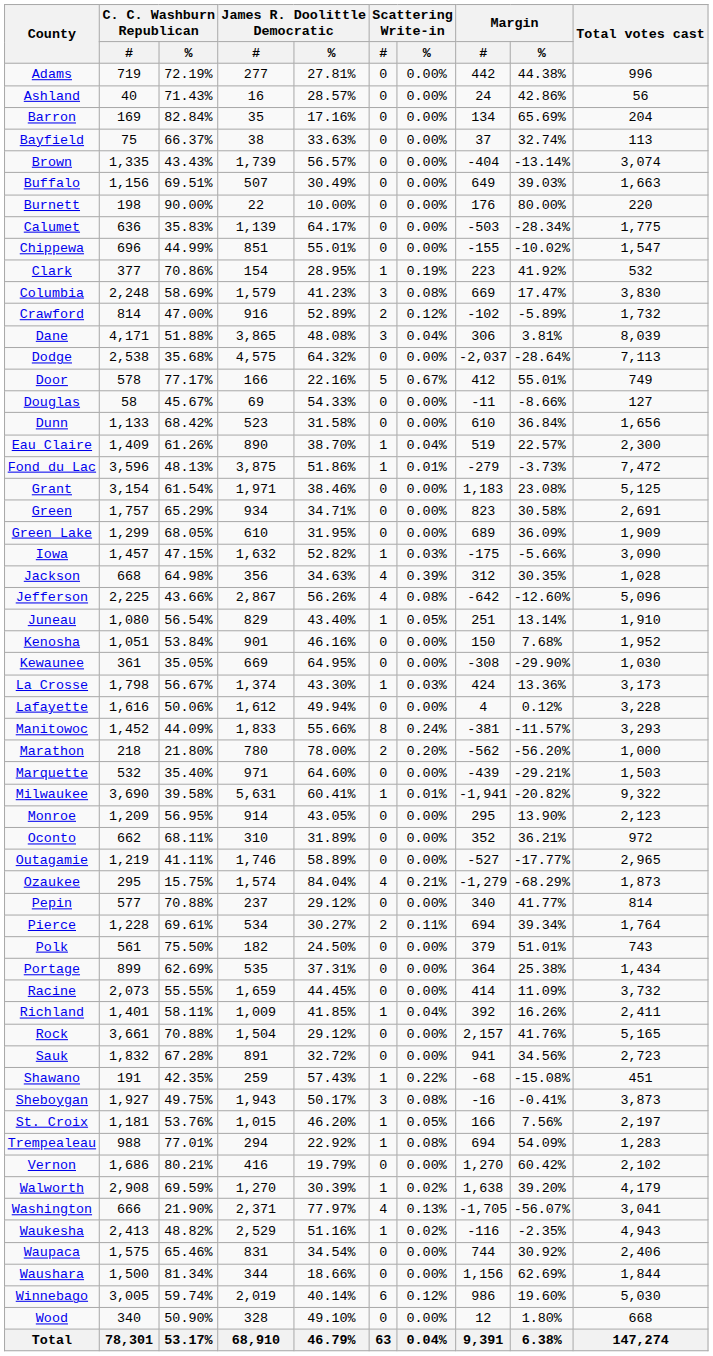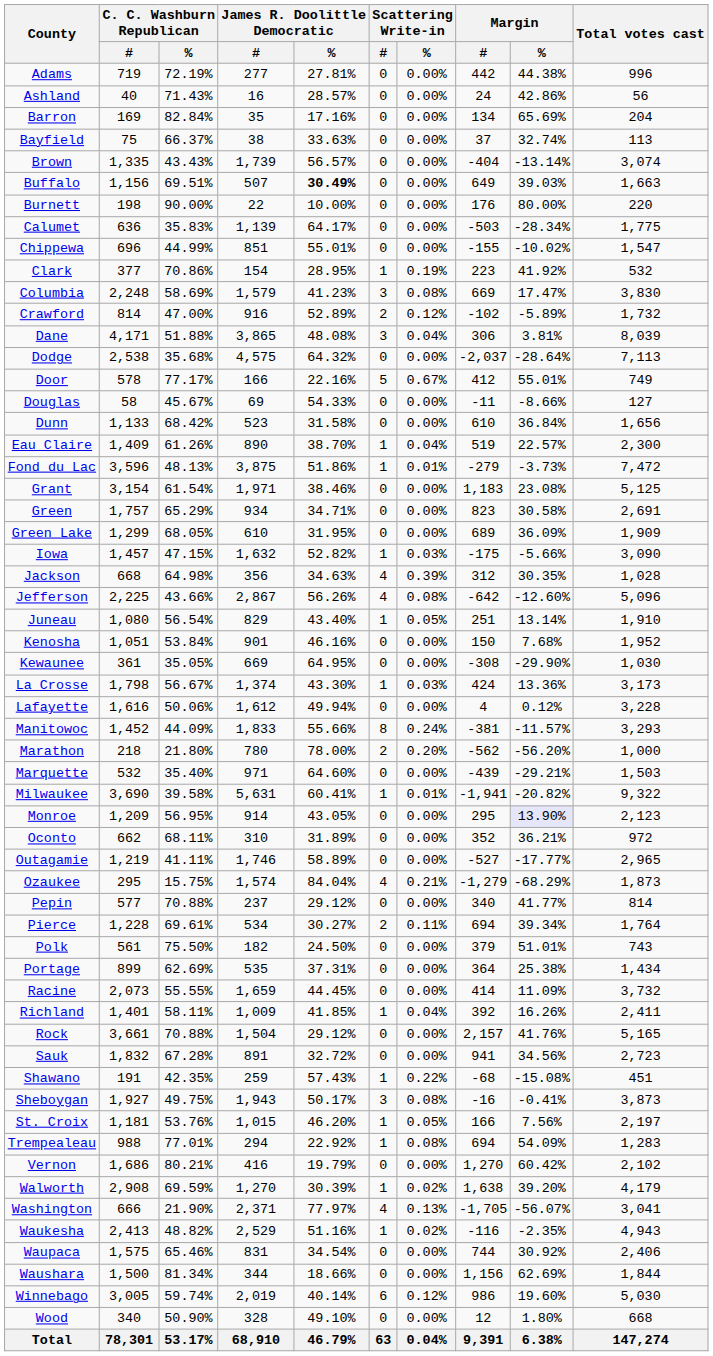 <table class="wikitable sortable" style="text-align:center">
 <tr>
 <th rowspan="2" style="text-align:center;">County</th>
 <th colspan="2" style="text-align:center;">C. C. Washburn<br>Republican</th>
 <th colspan="2" style="text-align:center;">James R. Doolittle<br>Democratic</th>
 <th colspan="2" style="text-align:center;">Scattering<br>Write-in</th>
 <th colspan="2" style="text-align:center;">Margin</th>
 <th rowspan="2" style="text-align:center;">Total votes cast</th>
 </tr>
 <tr>
 <th style="text-align:center;" data-sort-type="number">#</th>
 <th style="text-align:center;" data-sort-type="number">%</th>
 <th style="text-align:center;" data-sort-type="number">#</th>
 <th style="text-align:center;" data-sort-type="number">%</th>
 <th style="text-align:center;" data-sort-type="number">#</th>
 <th style="text-align:center;" data-sort-type="number">%</th>
 <th style="text-align:center;" data-sort-type="number">#</th>
 <th style="text-align:center;" data-sort-type="number">%</th>
 </tr>
 <tr style="text-align:center;">
 <td><a href='#'>Adams</a></td>
 <td>719</td>
 <td>72.19%</td>
 <td>277</td>
 <td>27.81%</td>
 <td>0</td>
 <td>0.00%</td>
 <td>442</td>
 <td>44.38%</td>
 <td>996</td>
 </tr>
 <tr style="text-align:center;">
 <td><a href='#'>Ashland</a></td>
 <td>40</td>
 <td>71.43%</td>
 <td>16</td>
 <td>28.57%</td>
 <td>0</td>
 <td>0.00%</td>
 <td>24</td>
 <td>42.86%</td>
 <td>56</td>
 </tr>
 <tr style="text-align:center;">
 <td><a href='#'>Barron</a></td>
 <td>169</td>
 <td>82.84%</td>
 <td>35</td>
 <td>17.16%</td>
 <td>0</td>
 <td>0.00%</td>
 <td>134</td>
 <td>65.69%</td>
 <td>204</td>
 </tr>
 <tr style="text-align:center;">
 <td><a href='#'>Bayfield</a></td>
 <td>75</td>
 <td>66.37%</td>
 <td>38</td>
 <td>33.63%</td>
 <td>0</td>
 <td>0.00%</td>
 <td>37</td>
 <td>32.74%</td>
 <td>113</td>
 </tr>
 <tr style="text-align:center;">
 <td><a href='#'>Brown</a></td>
 <td>1,335</td>
 <td>43.43%</td>
 <td>1,739</td>
 <td>56.57%</td>
 <td>0</td>
 <td>0.00%</td>
 <td>-404</td>
 <td>-13.14%</td>
 <td>3,074</td>
 </tr>
 <tr style="text-align:center;">
 <td><a href='#'>Buffalo</a></td>
 <td>1,156</td>
 <td>69.51%</td>
 <td>507</td>
-<td>30.49%</td>
+<td><strong>30.49%</strong></td>
 <td>0</td>
 <td>0.00%</td>
 <td>649</td>
 <td>39.03%</td>
 <td>1,663</td>
 </tr>
 <tr style="text-align:center;">
 <td><a href='#'>Burnett</a></td>
 <td>198</td>
 <td>90.00%</td>
 <td>22</td>
 <td>10.00%</td>
 <td>0</td>
 <td>0.00%</td>
 <td>176</td>
 <td>80.00%</td>
 <td>220</td>
 </tr>
 <tr style="text-align:center;">
 <td><a href='#'>Calumet</a></td>
 <td>636</td>
 <td>35.83%</td>
 <td>1,139</td>
 <td>64.17%</td>
 <td>0</td>
 <td>0.00%</td>
 <td>-503</td>
 <td>-28.34%</td>
 <td>1,775</td>
 </tr>
 <tr style="text-align:center;">
 <td><a href='#'>Chippewa</a></td>
 <td>696</td>
 <td>44.99%</td>
 <td>851</td>
 <td>55.01%</td>
 <td>0</td>
 <td>0.00%</td>
 <td>-155</td>
 <td>-10.02%</td>
 <td>1,547</td>
 </tr>
 <tr style="text-align:center;">
 <td><a href='#'>Clark</a></td>
 <td>377</td>
 <td>70.86%</td>
 <td>154</td>
 <td>28.95%</td>
 <td>1</td>
 <td>0.19%</td>
 <td>223</td>
 <td>41.92%</td>
 <td>532</td>
 </tr>
 <tr style="text-align:center;">
 <td><a href='#'>Columbia</a></td>
 <td>2,248</td>
 <td>58.69%</td>
 <td>1,579</td>
 <td>41.23%</td>
 <td>3</td>
 <td>0.08%</td>
 <td>669</td>
 <td>17.47%</td>
 <td>3,830</td>
 </tr>
 <tr style="text-align:center;">
 <td><a href='#'>Crawford</a></td>
 <td>814</td>
 <td>47.00%</td>
 <td>916</td>
 <td>52.89%</td>
 <td>2</td>
 <td>0.12%</td>
 <td>-102</td>
 <td>-5.89%</td>
 <td>1,732</td>
 </tr>
 <tr style="text-align:center;">
 <td><a href='#'>Dane</a></td>
 <td>4,171</td>
 <td>51.88%</td>
 <td>3,865</td>
 <td>48.08%</td>
 <td>3</td>
 <td>0.04%</td>
 <td>306</td>
 <td>3.81%</td>
 <td>8,039</td>
 </tr>
 <tr style="text-align:center;">
 <td><a href='#'>Dodge</a></td>
 <td>2,538</td>
 <td>35.68%</td>
 <td>4,575</td>
 <td>64.32%</td>
 <td>0</td>
 <td>0.00%</td>
 <td>-2,037</td>
 <td>-28.64%</td>
 <td>7,113</td>
 </tr>
 <tr style="text-align:center;">
 <td><a href='#'>Door</a></td>
 <td>578</td>
 <td>77.17%</td>
 <td>166</td>
 <td>22.16%</td>
 <td>5</td>
 <td>0.67%</td>
 <td>412</td>
 <td>55.01%</td>
 <td>749</td>
 </tr>
 <tr style="text-align:center;">
 <td><a href='#'>Douglas</a></td>
 <td>58</td>
 <td>45.67%</td>
 <td>69</td>
 <td>54.33%</td>
 <td>0</td>
 <td>0.00%</td>
 <td>-11</td>
 <td>-8.66%</td>
 <td>127</td>
 </tr>
 <tr style="text-align:center;">
 <td><a href='#'>Dunn</a></td>
 <td>1,133</td>
 <td>68.42%</td>
 <td>523</td>
 <td>31.58%</td>
 <td>0</td>
 <td>0.00%</td>
 <td>610</td>
 <td>36.84%</td>
 <td>1,656</td>
 </tr>
 <tr style="text-align:center;">
 <td><a href='#'>Eau Claire</a></td>
 <td>1,409</td>
 <td>61.26%</td>
 <td>890</td>
 <td>38.70%</td>
 <td>1</td>
 <td>0.04%</td>
 <td>519</td>
 <td>22.57%</td>
 <td>2,300</td>
 </tr>
 <tr style="text-align:center;">
 <td><a href='#'>Fond du Lac</a></td>
 <td>3,596</td>
 <td>48.13%</td>
 <td>3,875</td>
 <td>51.86%</td>
 <td>1</td>
 <td>0.01%</td>
 <td>-279</td>
 <td>-3.73%</td>
 <td>7,472</td>
 </tr>
 <tr style="text-align:center;">
 <td><a href='#'>Grant</a></td>
 <td>3,154</td>
 <td>61.54%</td>
 <td>1,971</td>
 <td>38.46%</td>
 <td>0</td>
 <td>0.00%</td>
 <td>1,183</td>
 <td>23.08%</td>
 <td>5,125</td>
 </tr>
 <tr style="text-align:center;">
 <td><a href='#'>Green</a></td>
 <td>1,757</td>
 <td>65.29%</td>
 <td>934</td>
 <td>34.71%</td>
 <td>0</td>
 <td>0.00%</td>
 <td>823</td>
 <td>30.58%</td>
 <td>2,691</td>
 </tr>
 <tr style="text-align:center;">
 <td><a href='#'>Green Lake</a></td>
 <td>1,299</td>
 <td>68.05%</td>
 <td>610</td>
 <td>31.95%</td>
 <td>0</td>
 <td>0.00%</td>
 <td>689</td>
 <td>36.09%</td>
 <td>1,909</td>
 </tr>
 <tr style="text-align:center;">
 <td><a href='#'>Iowa</a></td>
 <td>1,457</td>
 <td>47.15%</td>
 <td>1,632</td>
 <td>52.82%</td>
 <td>1</td>
 <td>0.03%</td>
 <td>-175</td>
 <td>-5.66%</td>
 <td>3,090</td>
 </tr>
 <tr style="text-align:center;">
 <td><a href='#'>Jackson</a></td>
 <td>668</td>
 <td>64.98%</td>
 <td>356</td>
 <td>34.63%</td>
 <td>4</td>
 <td>0.39%</td>
 <td>312</td>
 <td>30.35%</td>
 <td>1,028</td>
 </tr>
 <tr style="text-align:center;">
 <td><a href='#'>Jefferson</a></td>
 <td>2,225</td>
 <td>43.66%</td>
 <td>2,867</td>
 <td>56.26%</td>
 <td>4</td>
 <td>0.08%</td>
 <td>-642</td>
 <td>-12.60%</td>
 <td>5,096</td>
 </tr>
 <tr style="text-align:center;">
 <td><a href='#'>Juneau</a></td>
 <td>1,080</td>
 <td>56.54%</td>
 <td>829</td>
 <td>43.40%</td>
 <td>1</td>
 <td>0.05%</td>
 <td>251</td>
 <td>13.14%</td>
 <td>1,910</td>
 </tr>
 <tr style="text-align:center;">
 <td><a href='#'>Kenosha</a></td>
 <td>1,051</td>
 <td>53.84%</td>
 <td>901</td>
 <td>46.16%</td>
 <td>0</td>
 <td>0.00%</td>
 <td>150</td>
 <td>7.68%</td>
 <td>1,952</td>
 </tr>
 <tr style="text-align:center;">
 <td><a href='#'>Kewaunee</a></td>
 <td>361</td>
 <td>35.05%</td>
 <td>669</td>
 <td>64.95%</td>
 <td>0</td>
 <td>0.00%</td>
 <td>-308</td>
 <td>-29.90%</td>
 <td>1,030</td>
 </tr>
 <tr style="text-align:center;">
 <td><a href='#'>La Crosse</a></td>
 <td>1,798</td>
 <td>56.67%</td>
 <td>1,374</td>
 <td>43.30%</td>
 <td>1</td>
 <td>0.03%</td>
 <td>424</td>
 <td>13.36%</td>
 <td>3,173</td>
 </tr>
 <tr style="text-align:center;">
 <td><a href='#'>Lafayette</a></td>
 <td>1,616</td>
 <td>50.06%</td>
 <td>1,612</td>
 <td>49.94%</td>
 <td>0</td>
 <td>0.00%</td>
 <td>4</td>
 <td>0.12%</td>
 <td>3,228</td>
 </tr>
 <tr style="text-align:center;">
 <td><a href='#'>Manitowoc</a></td>
 <td>1,452</td>
 <td>44.09%</td>
 <td>1,833</td>
 <td>55.66%</td>
 <td>8</td>
 <td>0.24%</td>
 <td>-381</td>
 <td>-11.57%</td>
 <td>3,293</td>
 </tr>
 <tr style="text-align:center;">
 <td><a href='#'>Marathon</a></td>
 <td>218</td>
 <td>21.80%</td>
 <td>780</td>
 <td>78.00%</td>
 <td>2</td>
 <td>0.20%</td>
 <td>-562</td>
 <td>-56.20%</td>
 <td>1,000</td>
 </tr>
 <tr style="text-align:center;">
 <td><a href='#'>Marquette</a></td>
 <td>532</td>
 <td>35.40%</td>
 <td>971</td>
 <td>64.60%</td>
 <td>0</td>
 <td>0.00%</td>
 <td>-439</td>
 <td>-29.21%</td>
 <td>1,503</td>
 </tr>
 <tr style="text-align:center;">
 <td><a href='#'>Milwaukee</a></td>
 <td>3,690</td>
 <td>39.58%</td>
 <td>5,631</td>
 <td>60.41%</td>
 <td>1</td>
 <td>0.01%</td>
 <td>-1,941</td>
 <td>-20.82%</td>
 <td>9,322</td>
 </tr>
 <tr style="text-align:center;">
 <td><a href='#'>Monroe</a></td>
 <td>1,209</td>
 <td>56.95%</td>
 <td>914</td>
 <td>43.05%</td>
 <td>0</td>
 <td>0.00%</td>
 <td>295</td>
-<td>13.90%</td>
+<td style="background: lavender;">13.90%</td>
 <td>2,123</td>
 </tr>
 <tr style="text-align:center;">
 <td><a href='#'>Oconto</a></td>
 <td>662</td>
 <td>68.11%</td>
 <td>310</td>
 <td>31.89%</td>
 <td>0</td>
 <td>0.00%</td>
 <td>352</td>
 <td>36.21%</td>
 <td>972</td>
 </tr>
 <tr style="text-align:center;">
 <td><a href='#'>Outagamie</a></td>
 <td>1,219</td>
 <td>41.11%</td>
 <td>1,746</td>
 <td>58.89%</td>
 <td>0</td>
 <td>0.00%</td>
 <td>-527</td>
 <td>-17.77%</td>
 <td>2,965</td>
 </tr>
 <tr style="text-align:center;">
 <td><a href='#'>Ozaukee</a></td>
 <td>295</td>
 <td>15.75%</td>
 <td>1,574</td>
 <td>84.04%</td>
 <td>4</td>
 <td>0.21%</td>
 <td>-1,279</td>
 <td>-68.29%</td>
 <td>1,873</td>
 </tr>
 <tr style="text-align:center;">
 <td><a href='#'>Pepin</a></td>
 <td>577</td>
 <td>70.88%</td>
 <td>237</td>
 <td>29.12%</td>
 <td>0</td>
 <td>0.00%</td>
 <td>340</td>
 <td>41.77%</td>
 <td>814</td>
 </tr>
 <tr style="text-align:center;">
 <td><a href='#'>Pierce</a></td>
 <td>1,228</td>
 <td>69.61%</td>
 <td>534</td>
 <td>30.27%</td>
 <td>2</td>
 <td>0.11%</td>
 <td>694</td>
 <td>39.34%</td>
 <td>1,764</td>
 </tr>
 <tr style="text-align:center;">
 <td><a href='#'>Polk</a></td>
 <td>561</td>
 <td>75.50%</td>
 <td>182</td>
 <td>24.50%</td>
 <td>0</td>
 <td>0.00%</td>
 <td>379</td>
 <td>51.01%</td>
 <td>743</td>
 </tr>
 <tr style="text-align:center;">
 <td><a href='#'>Portage</a></td>
 <td>899</td>
 <td>62.69%</td>
 <td>535</td>
 <td>37.31%</td>
 <td>0</td>
 <td>0.00%</td>
 <td>364</td>
 <td>25.38%</td>
 <td>1,434</td>
 </tr>
 <tr style="text-align:center;">
 <td><a href='#'>Racine</a></td>
 <td>2,073</td>
 <td>55.55%</td>
 <td>1,659</td>
 <td>44.45%</td>
 <td>0</td>
 <td>0.00%</td>
 <td>414</td>
 <td>11.09%</td>
 <td>3,732</td>
 </tr>
 <tr style="text-align:center;">
 <td><a href='#'>Richland</a></td>
 <td>1,401</td>
 <td>58.11%</td>
 <td>1,009</td>
 <td>41.85%</td>
 <td>1</td>
 <td>0.04%</td>
 <td>392</td>
 <td>16.26%</td>
 <td>2,411</td>
 </tr>
 <tr style="text-align:center;">
 <td><a href='#'>Rock</a></td>
 <td>3,661</td>
 <td>70.88%</td>
 <td>1,504</td>
 <td>29.12%</td>
 <td>0</td>
 <td>0.00%</td>
 <td>2,157</td>
 <td>41.76%</td>
 <td>5,165</td>
 </tr>
 <tr style="text-align:center;">
 <td><a href='#'>Sauk</a></td>
 <td>1,832</td>
 <td>67.28%</td>
 <td>891</td>
 <td>32.72%</td>
 <td>0</td>
 <td>0.00%</td>
 <td>941</td>
 <td>34.56%</td>
 <td>2,723</td>
 </tr>
 <tr style="text-align:center;">
 <td><a href='#'>Shawano</a></td>
 <td>191</td>
 <td>42.35%</td>
 <td>259</td>
 <td>57.43%</td>
 <td>1</td>
 <td>0.22%</td>
 <td>-68</td>
 <td>-15.08%</td>
 <td>451</td>
 </tr>
 <tr style="text-align:center;">
 <td><a href='#'>Sheboygan</a></td>
 <td>1,927</td>
 <td>49.75%</td>
 <td>1,943</td>
 <td>50.17%</td>
 <td>3</td>
 <td>0.08%</td>
 <td>-16</td>
 <td>-0.41%</td>
 <td>3,873</td>
 </tr>
 <tr style="text-align:center;">
 <td><a href='#'>St. Croix</a></td>
 <td>1,181</td>
 <td>53.76%</td>
 <td>1,015</td>
 <td>46.20%</td>
 <td>1</td>
 <td>0.05%</td>
 <td>166</td>
 <td>7.56%</td>
 <td>2,197</td>
 </tr>
 <tr style="text-align:center;">
 <td><a href='#'>Trempealeau</a></td>
 <td>988</td>
 <td>77.01%</td>
 <td>294</td>
 <td>22.92%</td>
 <td>1</td>
 <td>0.08%</td>
 <td>694</td>
 <td>54.09%</td>
 <td>1,283</td>
 </tr>
 <tr style="text-align:center;">
 <td><a href='#'>Vernon</a></td>
 <td>1,686</td>
 <td>80.21%</td>
 <td>416</td>
 <td>19.79%</td>
 <td>0</td>
 <td>0.00%</td>
 <td>1,270</td>
 <td>60.42%</td>
 <td>2,102</td>
 </tr>
 <tr style="text-align:center;">
 <td><a href='#'>Walworth</a></td>
 <td>2,908</td>
 <td>69.59%</td>
 <td>1,270</td>
 <td>30.39%</td>
 <td>1</td>
 <td>0.02%</td>
 <td>1,638</td>
 <td>39.20%</td>
 <td>4,179</td>
 </tr>
 <tr style="text-align:center;">
 <td><a href='#'>Washington</a></td>
 <td>666</td>
 <td>21.90%</td>
 <td>2,371</td>
 <td>77.97%</td>
 <td>4</td>
 <td>0.13%</td>
 <td>-1,705</td>
 <td>-56.07%</td>
 <td>3,041</td>
 </tr>
 <tr style="text-align:center;">
 <td><a href='#'>Waukesha</a></td>
 <td>2,413</td>
 <td>48.82%</td>
 <td>2,529</td>
 <td>51.16%</td>
 <td>1</td>
 <td>0.02%</td>
 <td>-116</td>
 <td>-2.35%</td>
 <td>4,943</td>
 </tr>
 <tr style="text-align:center;">
 <td><a href='#'>Waupaca</a></td>
 <td>1,575</td>
 <td>65.46%</td>
 <td>831</td>
 <td>34.54%</td>
 <td>0</td>
 <td>0.00%</td>
 <td>744</td>
 <td>30.92%</td>
 <td>2,406</td>
 </tr>
 <tr style="text-align:center;">
 <td><a href='#'>Waushara</a></td>
 <td>1,500</td>
 <td>81.34%</td>
 <td>344</td>
 <td>18.66%</td>
 <td>0</td>
 <td>0.00%</td>
 <td>1,156</td>
 <td>62.69%</td>
 <td>1,844</td>
 </tr>
 <tr style="text-align:center;">
 <td><a href='#'>Winnebago</a></td>
 <td>3,005</td>
 <td>59.74%</td>
 <td>2,019</td>
 <td>40.14%</td>
 <td>6</td>
 <td>0.12%</td>
 <td>986</td>
 <td>19.60%</td>
 <td>5,030</td>
 </tr>
 <tr style="text-align:center;">
 <td><a href='#'>Wood</a></td>
 <td>340</td>
 <td>50.90%</td>
 <td>328</td>
 <td>49.10%</td>
 <td>0</td>
 <td>0.00%</td>
 <td>12</td>
 <td>1.80%</td>
 <td>668</td>
 </tr>
 <tr>
 <th>Total</th>
 <th>78,301</th>
 <th>53.17%</th>
 <th>68,910</th>
 <th>46.79%</th>
 <th>63</th>
 <th>0.04%</th>
 <th>9,391</th>
 <th>6.38%</th>
 <th>147,274</th>
 </tr>
 </table>
